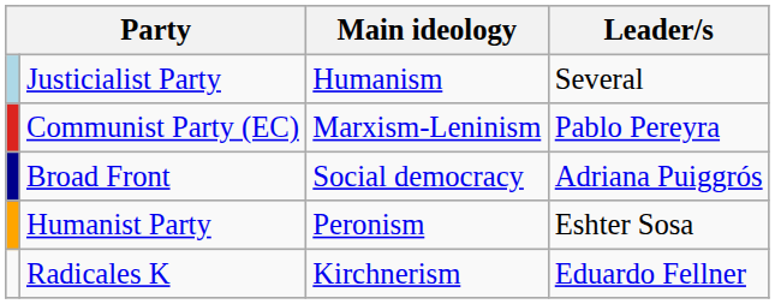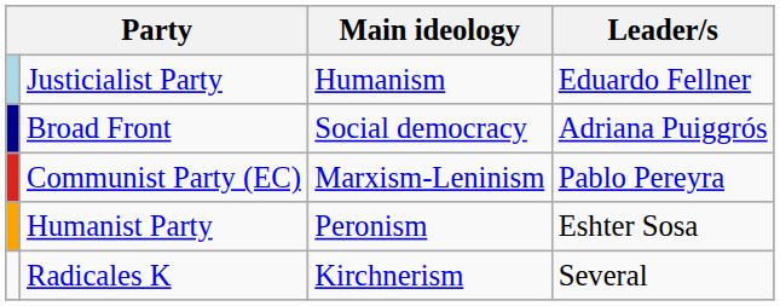 <table class="wikitable" style="font-size:95%">
 <tr>
 <th colspan=2>Party</th>
 <th>Main ideology</th>
 <th>Leader/s</th>
 </tr>
 <tr>
 <td bgcolor="lightblue"></td>
 <td><a href='#'>Justicialist Party</a></td>
 <td><a href='#'>Humanism</a></td>
-<td>Several</td>
+<td><a href='#'>Eduardo Fellner</a></td>
+</tr>
+<tr>
+<td bgcolor="darkblue"></td>
+<td><a href='#'>Broad Front</a></td>
+<td><a href='#'>Social democracy</a></td>
+<td><a href='#'>Adriana Puiggrós</a></td>
 </tr>
 <tr>
 <td bgcolor="#dc241f"></td>
 <td><a href='#'>Communist Party (EC)</a></td>
 <td><a href='#'>Marxism-Leninism</a></td>
 <td><a href='#'>Pablo Pereyra</a></td>
-</tr>
-<tr>
-<td bgcolor="darkblue"></td>
-<td><a href='#'>Broad Front</a></td>
-<td><a href='#'>Social democracy</a></td>
-<td><a href='#'>Adriana Puiggrós</a></td>
 </tr>
 <tr>
 <td bgcolor="orange"></td>
 <td><a href='#'>Humanist Party</a></td>
 <td><a href='#'>Peronism</a></td>
 <td>Eshter Sosa</td>
 </tr>
 <tr>
 <td></td>
 <td><a href='#'>Radicales K</a></td>
 <td><a href='#'>Kirchnerism</a></td>
-<td><a href='#'>Eduardo Fellner</a></td>
+<td>Several</td>
 </tr>
 </table>
